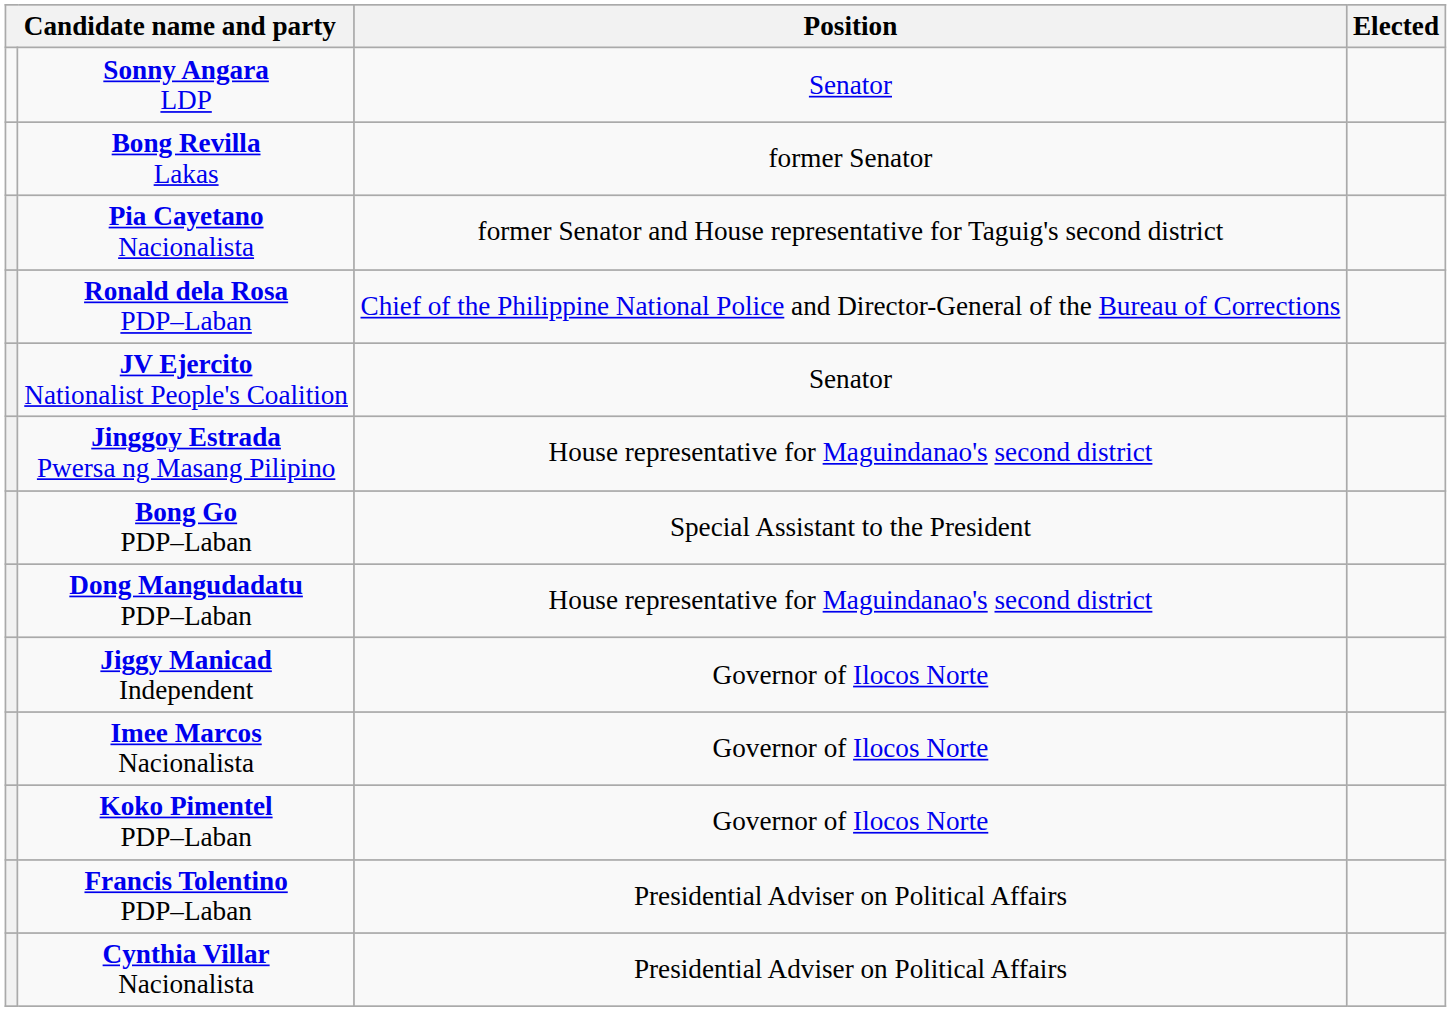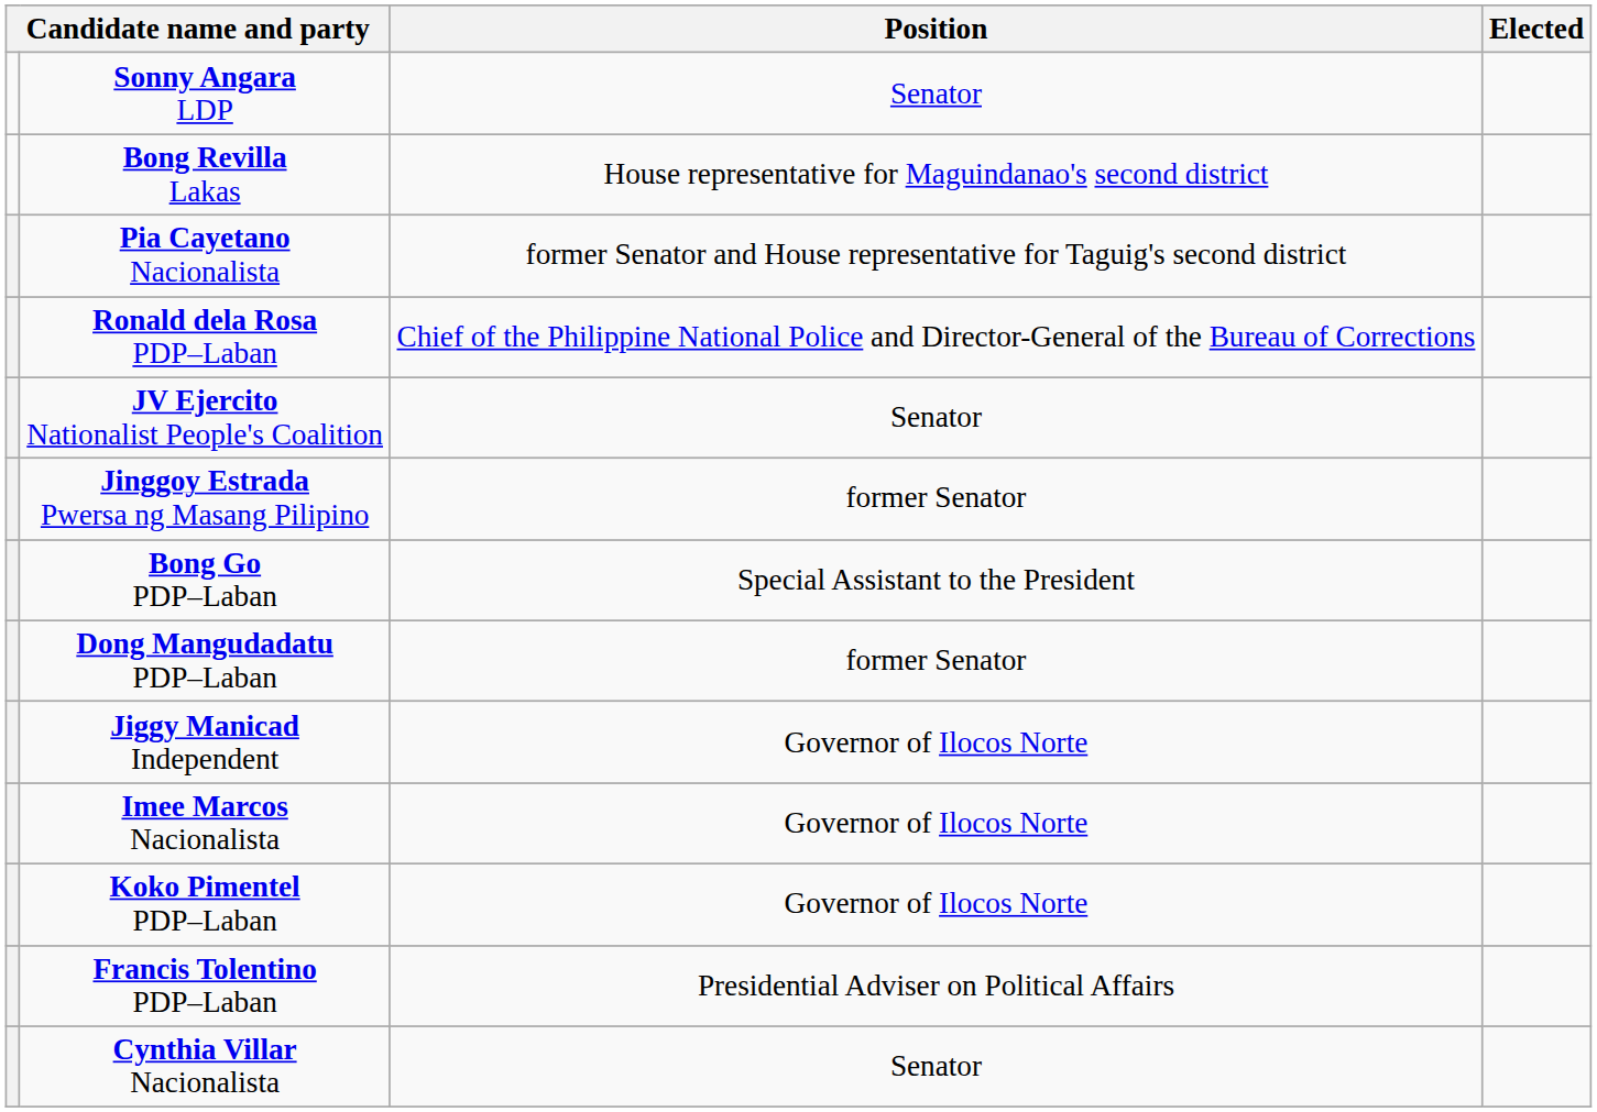 <table class="wikitable" style="margin-left: auto; margin-right: auto; border: none; text-align:center;font-size:100%;">
 <tr>
 <th colspan="2">Candidate name and party</th>
 <th>Position</th>
 <th>Elected</th>
 </tr>
 <tr>
 <td style="background:"></td>
 <td><strong><a href='#'>Sonny Angara</a></strong><br><a href='#'>LDP</a></td>
 <td><a href='#'>Senator</a></td>
 <td></td>
 </tr>
 <tr>
 <td style="background:"></td>
 <td><strong><a href='#'>Bong Revilla</a></strong><br><a href='#'>Lakas</a></td>
-<td>former Senator</td>
+<td>House representative for <a href='#'>Maguindanao's</a> <a href='#'>second district</a></td>
 <td></td>
 </tr>
 <tr>
 <th style="background:"></th>
 <td><strong><a href='#'>Pia Cayetano</a></strong><br><a href='#'>Nacionalista</a></td>
 <td>former Senator and House representative for Taguig's second district</td>
 <td></td>
 </tr>
 <tr>
 <th style="background:"></th>
 <td><strong><a href='#'>Ronald dela Rosa</a></strong><br><a href='#'>PDP–Laban</a></td>
 <td><a href='#'>Chief of the Philippine National Police</a> and Director-General of the <a href='#'>Bureau of Corrections</a></td>
 <td></td>
 </tr>
 <tr>
 <th style="background:"></th>
 <td><strong><a href='#'>JV Ejercito</a></strong><br><a href='#'>Nationalist People's Coalition</a></td>
 <td>Senator</td>
 <td></td>
 </tr>
 <tr>
 <th style="background:"></th>
 <td><strong><a href='#'>Jinggoy Estrada</a></strong><br><a href='#'>Pwersa ng Masang Pilipino</a></td>
-<td>House representative for <a href='#'>Maguindanao's</a> <a href='#'>second district</a></td>
+<td>former Senator</td>
 <td></td>
 </tr>
 <tr>
 <th style="background:"></th>
 <td><strong><a href='#'>Bong Go</a></strong><br>PDP–Laban</td>
 <td>Special Assistant to the President</td>
 <td></td>
 </tr>
 <tr>
 <th style="background:"></th>
 <td><strong><a href='#'>Dong Mangudadatu</a></strong><br>PDP–Laban</td>
-<td>House representative for <a href='#'>Maguindanao's</a> <a href='#'>second district</a></td>
+<td>former Senator</td>
 <td></td>
 </tr>
 <tr>
 <th></th>
 <td><strong><a href='#'>Jiggy Manicad</a></strong><br>Independent</td>
 <td>Governor of <a href='#'>Ilocos Norte</a></td>
 <td></td>
 </tr>
 <tr>
 <th style="background:"></th>
 <td><strong><a href='#'>Imee Marcos</a></strong><br>Nacionalista</td>
 <td>Governor of <a href='#'>Ilocos Norte</a></td>
 <td></td>
 </tr>
 <tr>
 <th style="background:"></th>
 <td><strong><a href='#'>Koko Pimentel</a></strong><br>PDP–Laban</td>
 <td>Governor of <a href='#'>Ilocos Norte</a></td>
 <td></td>
 </tr>
 <tr>
 <th style="background:"></th>
 <td><strong><a href='#'>Francis Tolentino</a></strong><br>PDP–Laban</td>
 <td>Presidential Adviser on Political Affairs</td>
 <td></td>
 </tr>
 <tr>
 <th style="background:"></th>
 <td><strong><a href='#'>Cynthia Villar</a></strong><br>Nacionalista</td>
-<td>Presidential Adviser on Political Affairs</td>
+<td>Senator</td>
 <td></td>
 </tr>
 </table>
